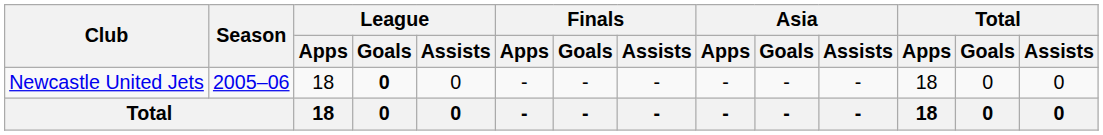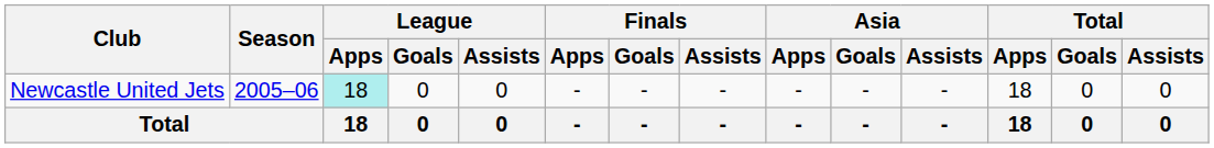 <table class="wikitable" style="text-align: center;">
 <tr>
 <th rowspan="2">Club</th>
 <th rowspan="2">Season</th>
 <th colspan="3">League</th>
 <th colspan="3">Finals</th>
 <th colspan="3">Asia</th>
 <th colspan="3">Total</th>
 </tr>
 <tr>
 <th>Apps</th>
 <th>Goals</th>
 <th>Assists</th>
 <th>Apps</th>
 <th>Goals</th>
 <th>Assists</th>
 <th>Apps</th>
 <th>Goals</th>
 <th>Assists</th>
 <th>Apps</th>
 <th>Goals</th>
 <th>Assists</th>
 </tr>
 <tr>
 <td rowspan="1" valign="center"><a href='#'>Newcastle United Jets</a></td>
 <td><a href='#'>2005–06</a></td>
-<td>18</td>
-<td><strong>0</strong></td>
+<td style="background: paleturquoise;">18</td>
+<td>0</td>
 <td>0</td>
 <td>-</td>
 <td>-</td>
 <td>-</td>
 <td>-</td>
 <td>-</td>
 <td>-</td>
 <td>18</td>
 <td>0</td>
 <td>0</td>
 </tr>
 <tr>
 <th colspan="2">Total</th>
 <th>18</th>
 <th>0</th>
 <th>0</th>
 <th>-</th>
 <th>-</th>
 <th>-</th>
 <th>-</th>
 <th>-</th>
 <th>-</th>
 <th>18</th>
 <th>0</th>
 <th>0</th>
 </tr>
 </table>
